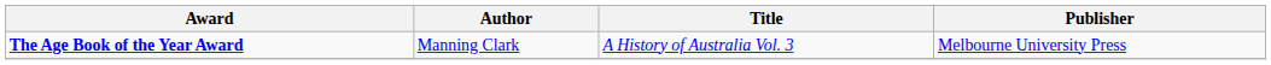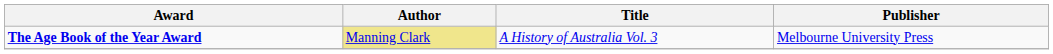 <table class="wikitable" width=95%>
 <tr>
 <th>Award</th>
 <th>Author</th>
 <th>Title</th>
 <th>Publisher</th>
 </tr>
 <tr>
 <td><strong><a href='#'>The Age Book of the Year Award</a></strong></td>
-<td><a href='#'>Manning Clark</a></td>
+<td style="background: khaki;"><a href='#'>Manning Clark</a></td>
 <td><em><a href='#'>A History of Australia Vol. 3</a></em></td>
 <td><a href='#'>Melbourne University Press</a></td>
 </tr>
 <tr>
 </tr>
 </table>
